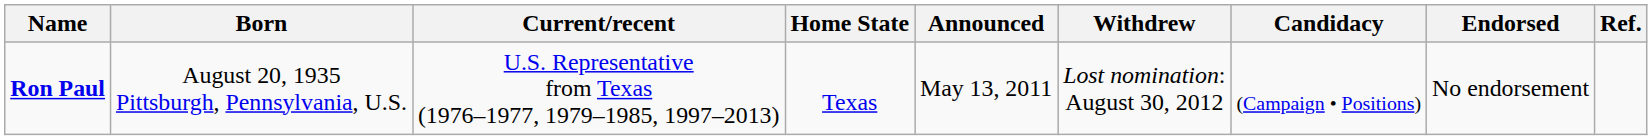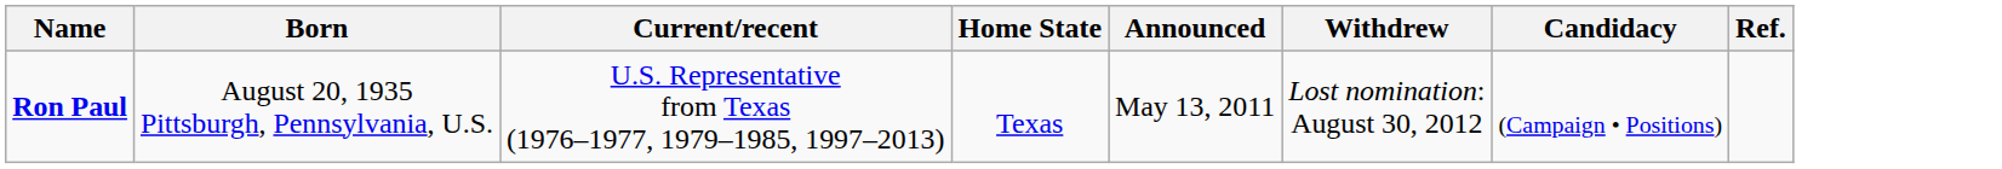 <table class="wikitable sortable" style="text-align:center; style:text-align:center">
 <tr>
 <th>Name</th>
 <th>Born</th>
 <th>Current/recent</th>
 <th>Home State</th>
 <th>Announced</th>
 <th>Withdrew</th>
 <th>Candidacy</th>
-<th>Endorsed</th>
 <th class="unsortable">Ref.</th>
 </tr>
 <tr>
 <td><strong><a href='#'>Ron Paul</a></strong></td>
 <td>August 20, 1935<br><a href='#'>Pittsburgh</a>, <a href='#'>Pennsylvania</a>, U.S.</td>
 <td><a href='#'>U.S. Representative</a><br> from <a href='#'>Texas</a><br>(1976–1977, 1979–1985, 1997–2013)</td>
 <td><br><a href='#'>Texas</a></td>
 <td>May 13, 2011</td>
 <td><em>Lost nomination</em>:<br> August 30, 2012</td>
 <td><br><small>(<a href='#'>Campaign</a> • <a href='#'>Positions</a>)</small></td>
-<td>No endorsement</td>
 <td></td>
 </tr>
 </table>
